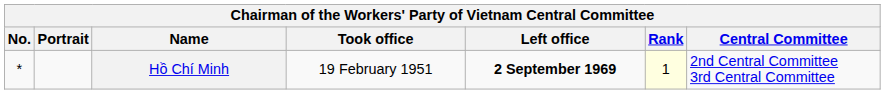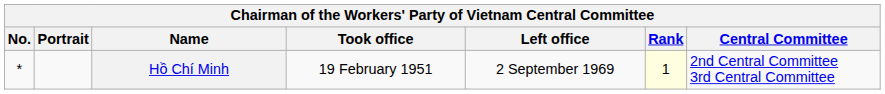 <table class="wikitable" style="text-align:center">
 <tr>
 <th colspan="7">Chairman of the Workers' Party of Vietnam Central Committee<br></th>
 </tr>
 <tr>
 <th scope="col" style="width:1em;">No.</th>
 <th scope="col" style="width:1em;">Portrait</th>
 <th scope="col" style="width:13em;">Name<br></th>
 <th scope="col" style="width:12em;">Took office</th>
 <th scope="col" style="width:12em;">Left office</th>
 <th scope="col" style="width:1em;"><a href='#'>Rank</a></th>
 <th scope="col" style="width:13em;"><a href='#'>Central Committee</a></th>
 </tr>
 <tr>
 <td>*</td>
 <td></td>
 <th scope="row" style="font-weight:normal;"><a href='#'>Hồ Chí Minh</a><br></th>
 <td>19 February 1951</td>
-<td><strong>2 September 1969</strong></td>
+<td>2 September 1969</td>
 <td style="background: lightyellow;">1</td>
 <td align="left"><a href='#'>2nd Central Committee</a> <br><a href='#'>3rd Central Committee</a> </td>
 </tr>
 </table>
